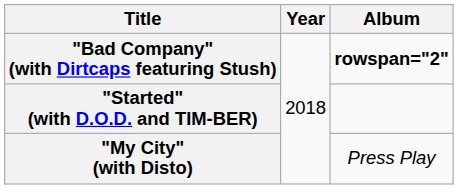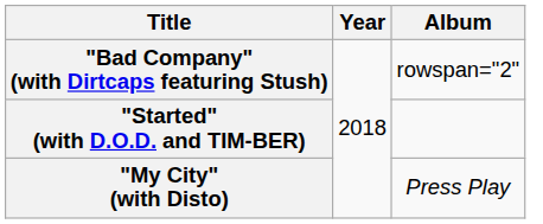 <table class="wikitable plainrowheaders" style="text-align:center;" border="1">
 <tr>
 <th scope="col">Title</th>
 <th scope="col">Year</th>
 <th scope="col">Album</th>
 </tr>
 <tr>
 <th scope="row">"Bad Company"<br><span>(with <a href='#'>Dirtcaps</a> featuring Stush)</span></th>
 <td rowspan="3">2018</td>
-<td><strong>rowspan="2" </strong></td>
+<td>rowspan="2" </td>
 </tr>
 <tr>
 <th scope="row">"Started" <br><span>(with <a href='#'>D.O.D.</a> and TIM-BER)</span></th>
 </tr>
 <tr>
 <th scope="row">"My City" <br><span>(with Disto)</span></th>
 <td><em>Press Play</em></td>
 </tr>
 </table>
